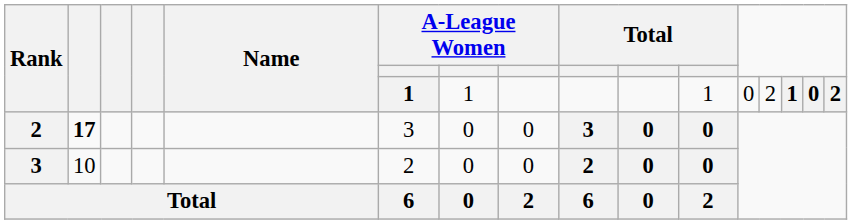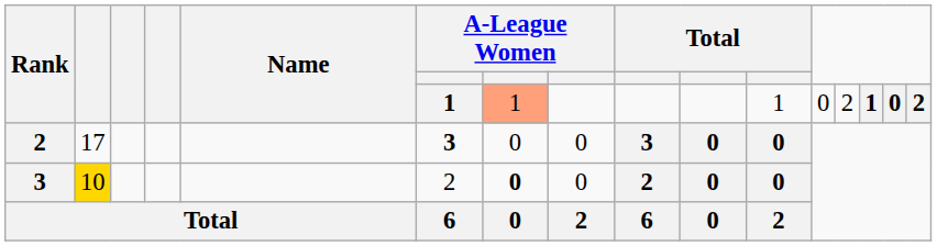 <table class="wikitable sortable" style="text-align:center;">
 <tr>
 <th rowspan="3" width="15">Rank</th>
 <th rowspan="3" width="15"></th>
 <th rowspan="3" width="15"></th>
 <th rowspan="3" width="15"></th>
 <th rowspan="3" width="145">Name</th>
 <th colspan="3" width="120"><a href='#'>A-League Women</a></th>
 <th colspan="3" width="120">Total</th>
 </tr>
 <tr>
 <th style="width:30px"></th>
 <th style="width:30px"></th>
 <th style="width:30px"></th>
 <th style="width:30px"></th>
 <th style="width:30px"></th>
 <th style="width:30px"></th>
 </tr>
 <tr>
 <th>1</th>
-<td>1</td>
+<td style="background: lightsalmon;">1</td>
 <td></td>
 <td></td>
 <td align="left"><br></td>
 <td>1</td>
 <td>0</td>
 <td>2<br></td>
 <th>1</th>
 <th>0</th>
 <th>2</th>
 </tr>
 <tr>
 <th>2</th>
-<td><strong>17</strong></td>
+<td>17</td>
 <td></td>
 <td></td>
 <td align="left"><br></td>
-<td>3</td>
+<td><strong>3</strong></td>
 <td>0</td>
 <td>0<br></td>
 <th>3</th>
 <th>0</th>
 <th>0</th>
 </tr>
 <tr>
 <th>3</th>
-<td>10</td>
+<td style="background: gold;">10</td>
 <td></td>
 <td></td>
 <td align="left"><br></td>
 <td>2</td>
-<td>0</td>
+<td><strong>0</strong></td>
 <td>0<br></td>
 <th>2</th>
 <th>0</th>
 <th>0</th>
 </tr>
 <tr>
 <th colspan="5">Total<br></th>
 <th>6</th>
 <th>0</th>
 <th>2<br></th>
 <th>6</th>
 <th>0</th>
 <th>2</th>
 </tr>
 </table>
